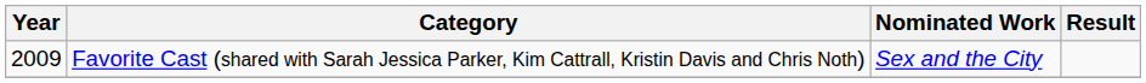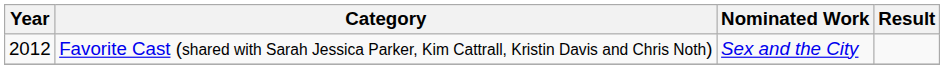 <table class="wikitable">
 <tr>
 <th>Year</th>
 <th>Category</th>
 <th>Nominated Work</th>
 <th>Result</th>
 </tr>
 <tr>
-<td>2009</td>
+<td>2012</td>
 <td><a href='#'>Favorite Cast</a> (<small>shared with Sarah Jessica Parker, Kim Cattrall, Kristin Davis and Chris Noth</small>)</td>
 <td><em><a href='#'>Sex and the City</a></em></td>
 <td></td>
 </tr>
 <tr>
 </tr>
 </table>
